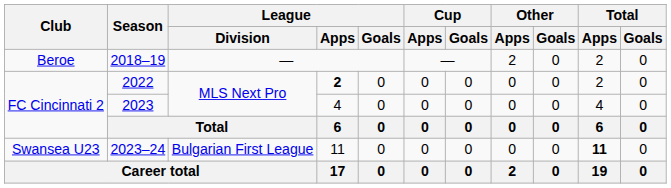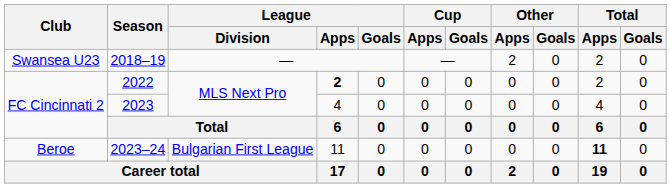 <table class=wikitable style=text-align:center>
 <tr>
 <th rowspan=2>Club</th>
 <th rowspan=2>Season</th>
 <th colspan=3>League</th>
 <th colspan=2>Cup</th>
 <th colspan=2>Other</th>
 <th colspan=2>Total</th>
 </tr>
 <tr>
 <th>Division</th>
 <th>Apps</th>
 <th>Goals</th>
 <th>Apps</th>
 <th>Goals</th>
 <th>Apps</th>
 <th>Goals</th>
 <th>Apps</th>
 <th>Goals</th>
 </tr>
 <tr>
-<td><a href='#'>Beroe</a></td>
+<td><a href='#'>Swansea U23</a></td>
 <td><a href='#'>2018–19</a></td>
 <td colspan=3>—</td>
 <td colspan=2>—</td>
 <td>2</td>
 <td>0</td>
 <td>2</td>
 <td>0</td>
 </tr>
 <tr>
 <td rowspan="3"><a href='#'>FC Cincinnati 2</a></td>
 <td><a href='#'>2022</a></td>
 <td rowspan="2"><a href='#'>MLS Next Pro</a></td>
 <td><strong>2</strong></td>
 <td>0</td>
 <td>0</td>
 <td>0</td>
 <td>0</td>
 <td>0</td>
 <td>2</td>
 <td>0</td>
 </tr>
 <tr>
 <td><a href='#'>2023</a></td>
 <td>4</td>
 <td>0</td>
 <td>0</td>
 <td>0</td>
 <td>0</td>
 <td>0</td>
 <td>4</td>
 <td>0</td>
 </tr>
 <tr>
 <th colspan="2"><strong>Total</strong></th>
 <th>6</th>
 <th>0</th>
 <th>0</th>
 <th>0</th>
 <th>0</th>
 <th>0</th>
 <th>6</th>
 <th>0</th>
 </tr>
 <tr>
-<td><a href='#'>Swansea U23</a></td>
+<td><a href='#'>Beroe</a></td>
 <td><a href='#'>2023–24</a></td>
 <td><a href='#'>Bulgarian First League</a></td>
 <td>11</td>
 <td>0</td>
 <td>0</td>
 <td>0</td>
 <td>0</td>
 <td>0</td>
 <td><strong>11</strong></td>
 <td>0</td>
 </tr>
 <tr>
 <th colspan="3"><strong>Career total</strong></th>
 <th>17</th>
 <th>0</th>
 <th>0</th>
 <th>0</th>
 <th>2</th>
 <th>0</th>
 <th>19</th>
 <th>0</th>
 </tr>
 </table>
